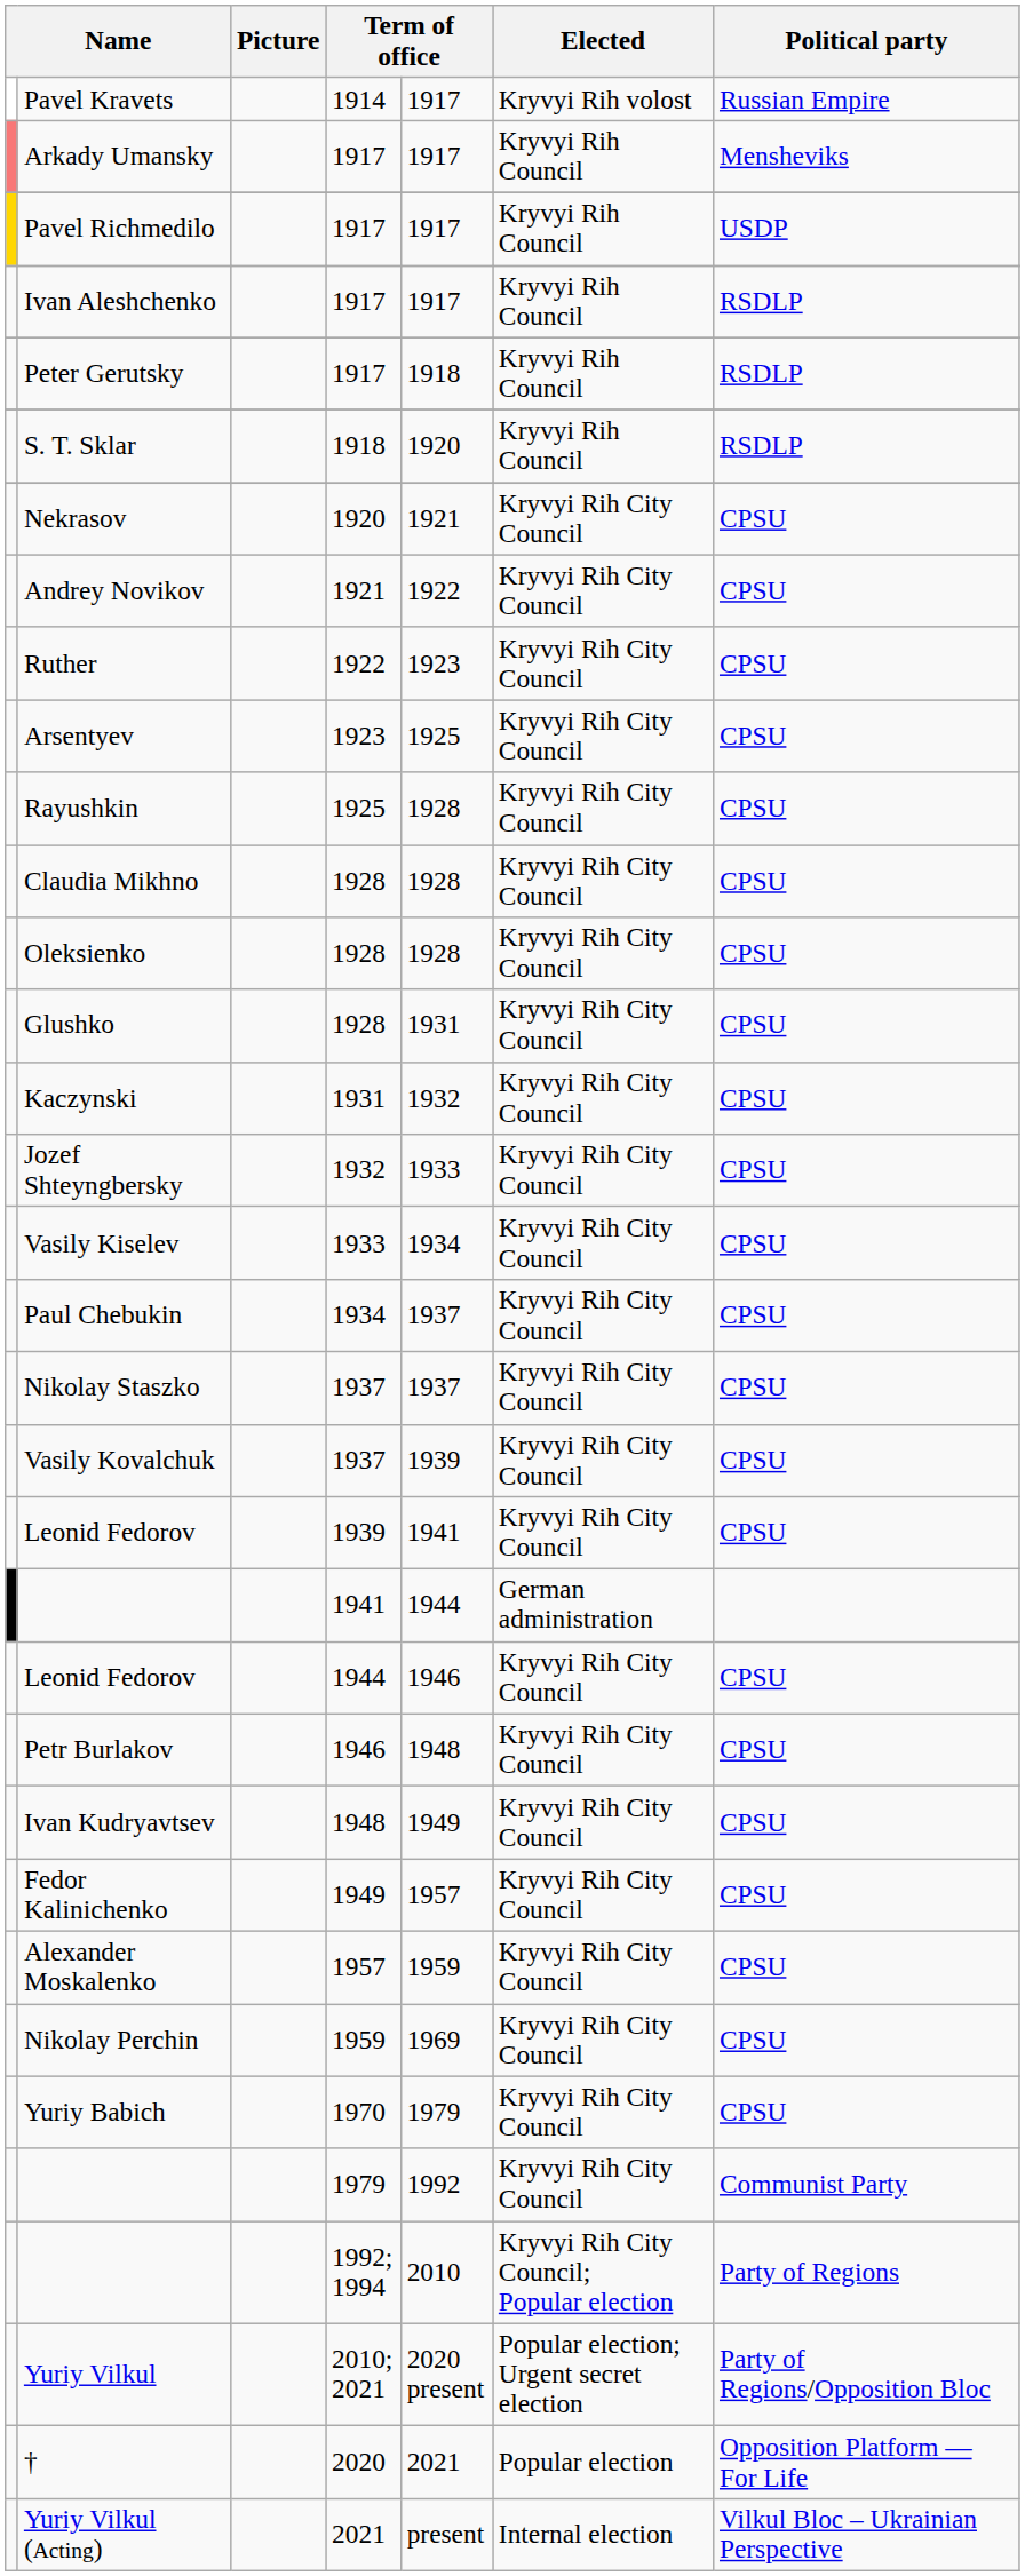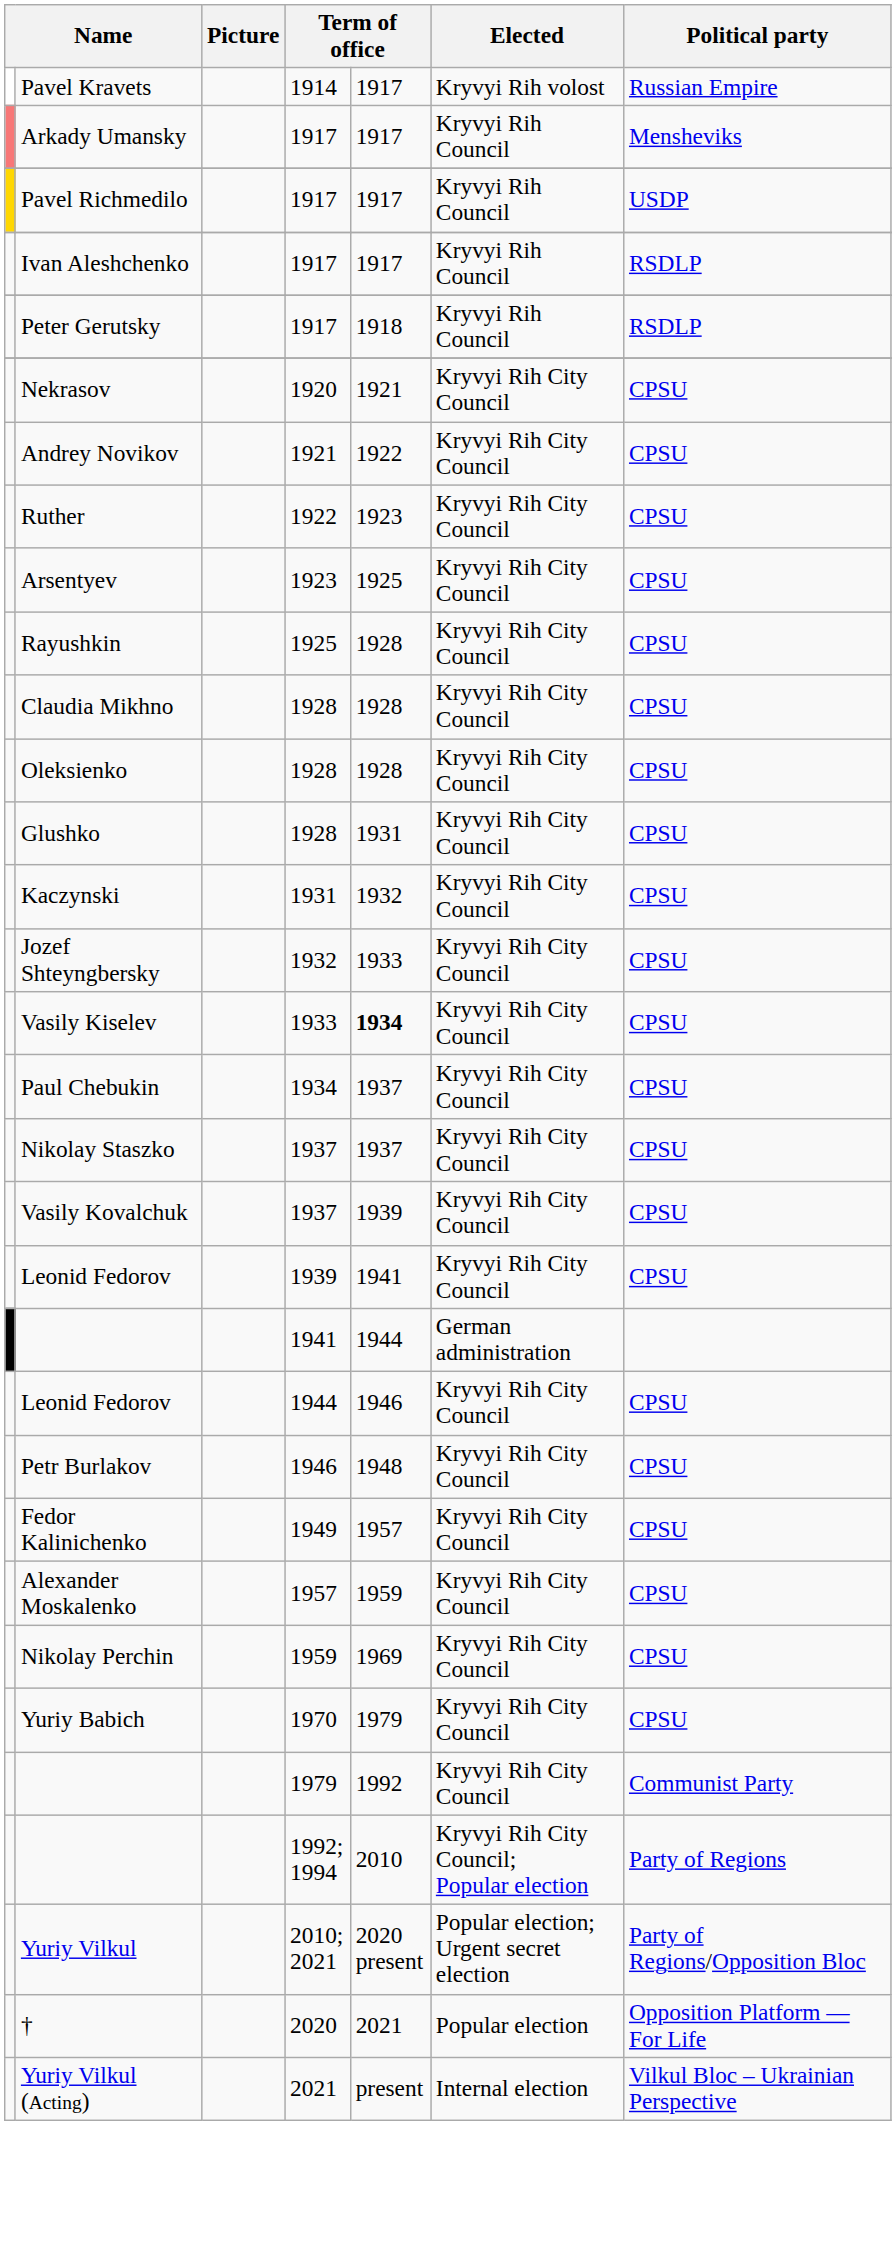 <table class="wikitable">
 <tr>
 <th colspan=2>Name</th>
 <th>Picture</th>
 <th colspan=2>Term of office</th>
 <th>Elected</th>
 <th>Political party</th>
 </tr>
 <tr>
 <td style="background-color:#Ffffff"></td>
 <td>Pavel Kravets</td>
 <td></td>
 <td>1914</td>
 <td>1917</td>
 <td>Kryvyi Rih volost</td>
 <td><a href='#'>Russian Empire</a></td>
 </tr>
 <tr>
 <td style="background-color:#F87777"></td>
 <td>Arkady Umansky</td>
 <td></td>
 <td>1917</td>
 <td>1917</td>
 <td>Kryvyi Rih Council</td>
 <td><a href='#'>Mensheviks</a></td>
 </tr>
 <tr>
 </tr>
 <tr>
 <td style="background-color:#ffd700"></td>
 <td>Pavel Richmedilo</td>
 <td></td>
 <td>1917</td>
 <td>1917</td>
 <td>Kryvyi Rih Council</td>
 <td><a href='#'>USDP</a></td>
 </tr>
 <tr>
 </tr>
 <tr>
 <td style="background-color:"></td>
 <td>Ivan Aleshchenko</td>
 <td></td>
 <td>1917</td>
 <td>1917</td>
 <td>Kryvyi Rih Council</td>
 <td><a href='#'>RSDLP</a></td>
 </tr>
 <tr>
 </tr>
 <tr>
 <td style="background-color:"></td>
 <td>Peter Gerutsky</td>
 <td></td>
 <td>1917</td>
 <td>1918</td>
 <td>Kryvyi Rih Council</td>
 <td><a href='#'>RSDLP</a></td>
 </tr>
 <tr>
-</tr>
-<tr>
-<td style="background-color:"></td>
-<td>S. T. Sklar</td>
-<td></td>
-<td>1918</td>
-<td>1920</td>
-<td>Kryvyi Rih Council</td>
-<td><a href='#'>RSDLP</a></td>
 </tr>
 <tr>
 </tr>
 <tr>
 <td style="background-color:"></td>
 <td>Nekrasov</td>
 <td></td>
 <td>1920</td>
 <td>1921</td>
 <td>Kryvyi Rih City Council</td>
 <td><a href='#'>CPSU</a></td>
 </tr>
 <tr>
 <td style="background-color:"></td>
 <td>Andrey Novikov</td>
 <td></td>
 <td>1921</td>
 <td>1922</td>
 <td>Kryvyi Rih City Council</td>
 <td><a href='#'>CPSU</a></td>
 </tr>
 <tr>
 <td style="background-color:"></td>
 <td>Ruther</td>
 <td></td>
 <td>1922</td>
 <td>1923</td>
 <td>Kryvyi Rih City Council</td>
 <td><a href='#'>CPSU</a></td>
 </tr>
 <tr>
 <td style="background-color:"></td>
 <td>Arsentyev</td>
 <td></td>
 <td>1923</td>
 <td>1925</td>
 <td>Kryvyi Rih City Council</td>
 <td><a href='#'>CPSU</a></td>
 </tr>
 <tr>
 <td style="background-color:"></td>
 <td>Rayushkin</td>
 <td></td>
 <td>1925</td>
 <td>1928</td>
 <td>Kryvyi Rih City Council</td>
 <td><a href='#'>CPSU</a></td>
 </tr>
 <tr>
 <td style="background-color:"></td>
 <td>Claudia Mikhno</td>
 <td></td>
 <td>1928</td>
 <td>1928</td>
 <td>Kryvyi Rih City Council</td>
 <td><a href='#'>CPSU</a></td>
 </tr>
 <tr>
 <td style="background-color:"></td>
 <td>Oleksienko</td>
 <td></td>
 <td>1928</td>
 <td>1928</td>
 <td>Kryvyi Rih City Council</td>
 <td><a href='#'>CPSU</a></td>
 </tr>
 <tr>
 <td style="background-color:"></td>
 <td>Glushko</td>
 <td></td>
 <td>1928</td>
 <td>1931</td>
 <td>Kryvyi Rih City Council</td>
 <td><a href='#'>CPSU</a></td>
 </tr>
 <tr>
 <td style="background-color:"></td>
 <td>Kaczynski</td>
 <td></td>
 <td>1931</td>
 <td>1932</td>
 <td>Kryvyi Rih City Council</td>
 <td><a href='#'>CPSU</a></td>
 </tr>
 <tr>
 <td style="background-color:"></td>
 <td>Jozef Shteyngbersky</td>
 <td></td>
 <td>1932</td>
 <td>1933</td>
 <td>Kryvyi Rih City Council</td>
 <td><a href='#'>CPSU</a></td>
 </tr>
 <tr>
 <td style="background-color:"></td>
 <td>Vasily Kiselev</td>
 <td></td>
 <td>1933</td>
-<td>1934</td>
+<td><strong>1934</strong></td>
 <td>Kryvyi Rih City Council</td>
 <td><a href='#'>CPSU</a></td>
 </tr>
 <tr>
 <td style="background-color:"></td>
 <td>Paul Chebukin</td>
 <td></td>
 <td>1934</td>
 <td>1937</td>
 <td>Kryvyi Rih City Council</td>
 <td><a href='#'>CPSU</a></td>
 </tr>
 <tr>
 <td style="background-color:"></td>
 <td>Nikolay Staszko</td>
 <td></td>
 <td>1937</td>
 <td>1937</td>
 <td>Kryvyi Rih City Council</td>
 <td><a href='#'>CPSU</a></td>
 </tr>
 <tr>
 <td style="background-color:"></td>
 <td>Vasily Kovalchuk</td>
 <td></td>
 <td>1937</td>
 <td>1939</td>
 <td>Kryvyi Rih City Council</td>
 <td><a href='#'>CPSU</a></td>
 </tr>
 <tr>
 <td style="background-color:"></td>
 <td>Leonid Fedorov</td>
 <td></td>
 <td>1939</td>
 <td>1941</td>
 <td>Kryvyi Rih City Council</td>
 <td><a href='#'>CPSU</a></td>
 </tr>
 <tr>
 <td style="background-color:#000000"></td>
 <td></td>
 <td></td>
 <td>1941</td>
 <td>1944</td>
 <td>German administration</td>
 <td></td>
 </tr>
 <tr>
 <td style="background-color:"></td>
 <td>Leonid Fedorov</td>
 <td></td>
 <td>1944</td>
 <td>1946</td>
 <td>Kryvyi Rih City Council</td>
 <td><a href='#'>CPSU</a></td>
 </tr>
 <tr>
 <td style="background-color:"></td>
 <td>Petr Burlakov</td>
 <td></td>
 <td>1946</td>
 <td>1948</td>
-<td>Kryvyi Rih City Council</td>
-<td><a href='#'>CPSU</a></td>
-</tr>
-<tr>
-<td style="background-color:"></td>
-<td>Ivan Kudryavtsev</td>
-<td></td>
-<td>1948</td>
-<td>1949</td>
 <td>Kryvyi Rih City Council</td>
 <td><a href='#'>CPSU</a></td>
 </tr>
 <tr>
 <td style="background-color:"></td>
 <td>Fedor Kalinichenko</td>
 <td></td>
 <td>1949</td>
 <td>1957</td>
 <td>Kryvyi Rih City Council</td>
 <td><a href='#'>CPSU</a></td>
 </tr>
 <tr>
 <td style="background-color:"></td>
 <td>Alexander Moskalenko</td>
 <td></td>
 <td>1957</td>
 <td>1959</td>
 <td>Kryvyi Rih City Council</td>
 <td><a href='#'>CPSU</a></td>
 </tr>
 <tr>
 <td style="background-color:"></td>
 <td>Nikolay Perchin</td>
 <td></td>
 <td>1959</td>
 <td>1969</td>
 <td>Kryvyi Rih City Council</td>
 <td><a href='#'>CPSU</a></td>
 </tr>
 <tr>
 <td style="background-color:"></td>
 <td>Yuriy Babich</td>
 <td></td>
 <td>1970</td>
 <td>1979</td>
 <td>Kryvyi Rih City Council</td>
 <td><a href='#'>CPSU</a></td>
 </tr>
 <tr>
 <td style="background-color: "></td>
 <td></td>
 <td></td>
 <td>1979</td>
 <td>1992</td>
 <td>Kryvyi Rih City Council</td>
 <td><a href='#'>Communist Party</a></td>
 </tr>
 <tr>
 <td style="background-color: "></td>
 <td></td>
 <td></td>
 <td>1992;<br>1994</td>
 <td>2010</td>
 <td>Kryvyi Rih City Council;<br><a href='#'>Popular election</a></td>
 <td><a href='#'>Party of Regions</a></td>
 </tr>
 <tr>
 <td style="background-color: "></td>
 <td><a href='#'>Yuriy Vilkul</a></td>
 <td></td>
 <td>2010;<br>2021</td>
 <td>2020<br>present</td>
 <td>Popular election;<br>Urgent secret election</td>
 <td><a href='#'>Party of Regions</a>/<a href='#'>Opposition Bloc</a></td>
 </tr>
 <tr>
 <td style="background-color: "></td>
 <td>† </td>
 <td></td>
 <td>2020</td>
 <td>2021 </td>
 <td>Popular election</td>
 <td><a href='#'>Opposition Platform — For Life</a></td>
 </tr>
 <tr>
 <td style="background-color: "></td>
 <td><a href='#'>Yuriy Vilkul</a> (<small>Acting</small>)</td>
 <td></td>
 <td>2021</td>
 <td>present</td>
 <td>Internal election</td>
 <td><a href='#'>Vilkul Bloc – Ukrainian Perspective</a></td>
 </tr>
 </table>
